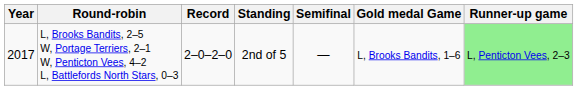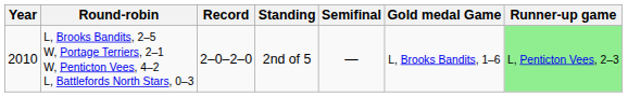 <table class="wikitable" style="text-align:center">
 <tr>
 <th>Year</th>
 <th>Round-robin</th>
 <th>Record</th>
 <th>Standing</th>
 <th>Semifinal</th>
 <th>Gold medal Game</th>
 <th>Runner-up game</th>
 </tr>
 <tr>
-<td>2017</td>
+<td>2010</td>
 <td align=left><small>L, <a href='#'>Brooks Bandits</a>, 2–5<br>W, <a href='#'>Portage Terriers</a>, 2–1<br>W, <a href='#'>Penticton Vees</a>, 4–2<br>L, <a href='#'>Battlefords North Stars</a>, 0–3</small></td>
 <td>2–0–2–0</td>
 <td>2nd of 5</td>
 <td>—</td>
 <td><small>L, <a href='#'>Brooks Bandits</a>, 1–6</small></td>
 <td style="background: lightgreen;"><small>L, <a href='#'>Penticton Vees</a>, 2–3</small></td>
 </tr>
 </table>
